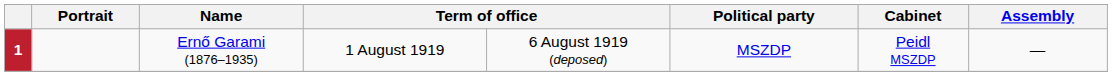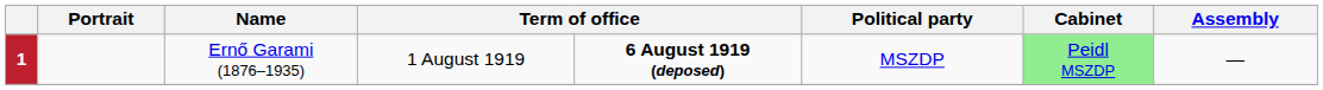 <table class="wikitable" style="width:90%; text-align:center;">
 <tr>
 <th></th>
 <th>Portrait</th>
 <th>Name<br></th>
 <th colspan=2>Term of office</th>
 <th>Political party</th>
 <th>Cabinet</th>
 <th><a href='#'>Assembly</a><br></th>
 </tr>
 <tr>
 <th style="background-color:#BE1F2E; color:white">1</th>
 <td></td>
 <td><a href='#'>Ernő Garami</a><br><small>(1876–1935)</small></td>
 <td>1 August 1919</td>
-<td>6 August 1919<br><small>(<em>deposed</em>)</small></td>
+<td><strong>6 August 1919<br><small>(<em>deposed</em>)</small></strong></td>
 <td><a href='#'>MSZDP</a></td>
-<td><a href='#'>Peidl</a><br><small><a href='#'>MSZDP</a></small></td>
+<td style="background: lightgreen;"><a href='#'>Peidl</a><br><small><a href='#'>MSZDP</a></small></td>
 <td>—</td>
 </tr>
 <tr>
 </tr>
 </table>
